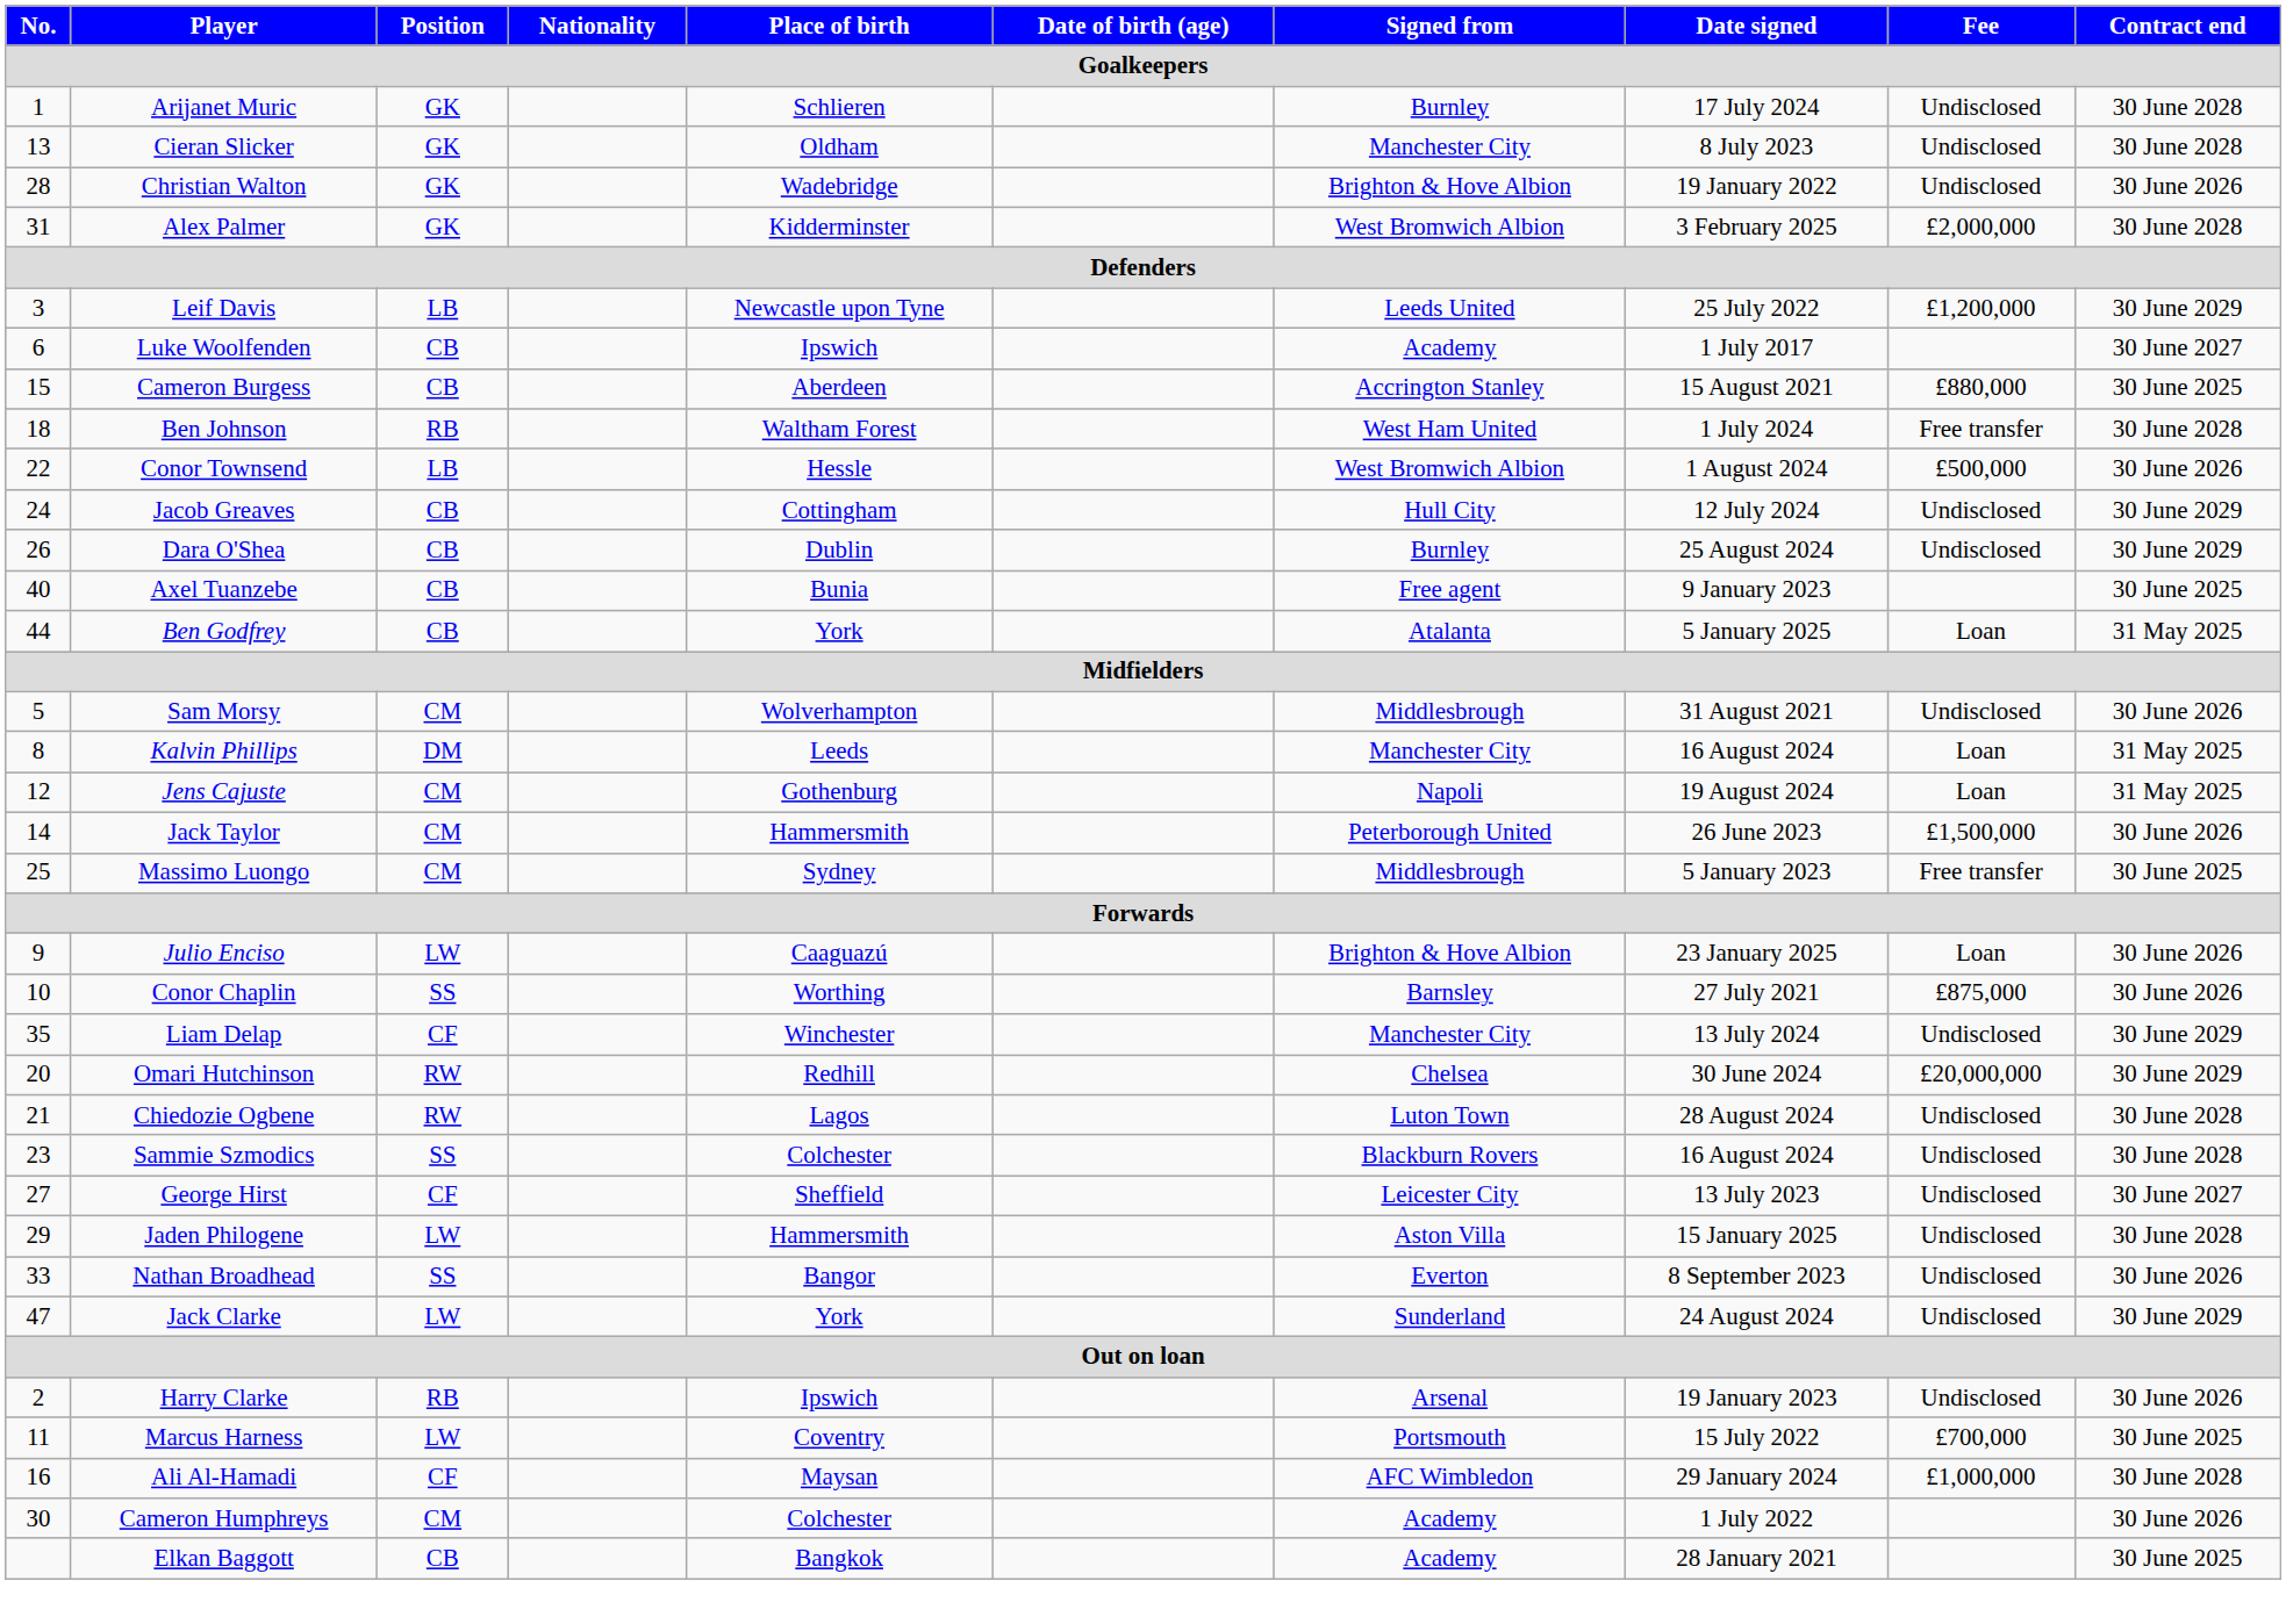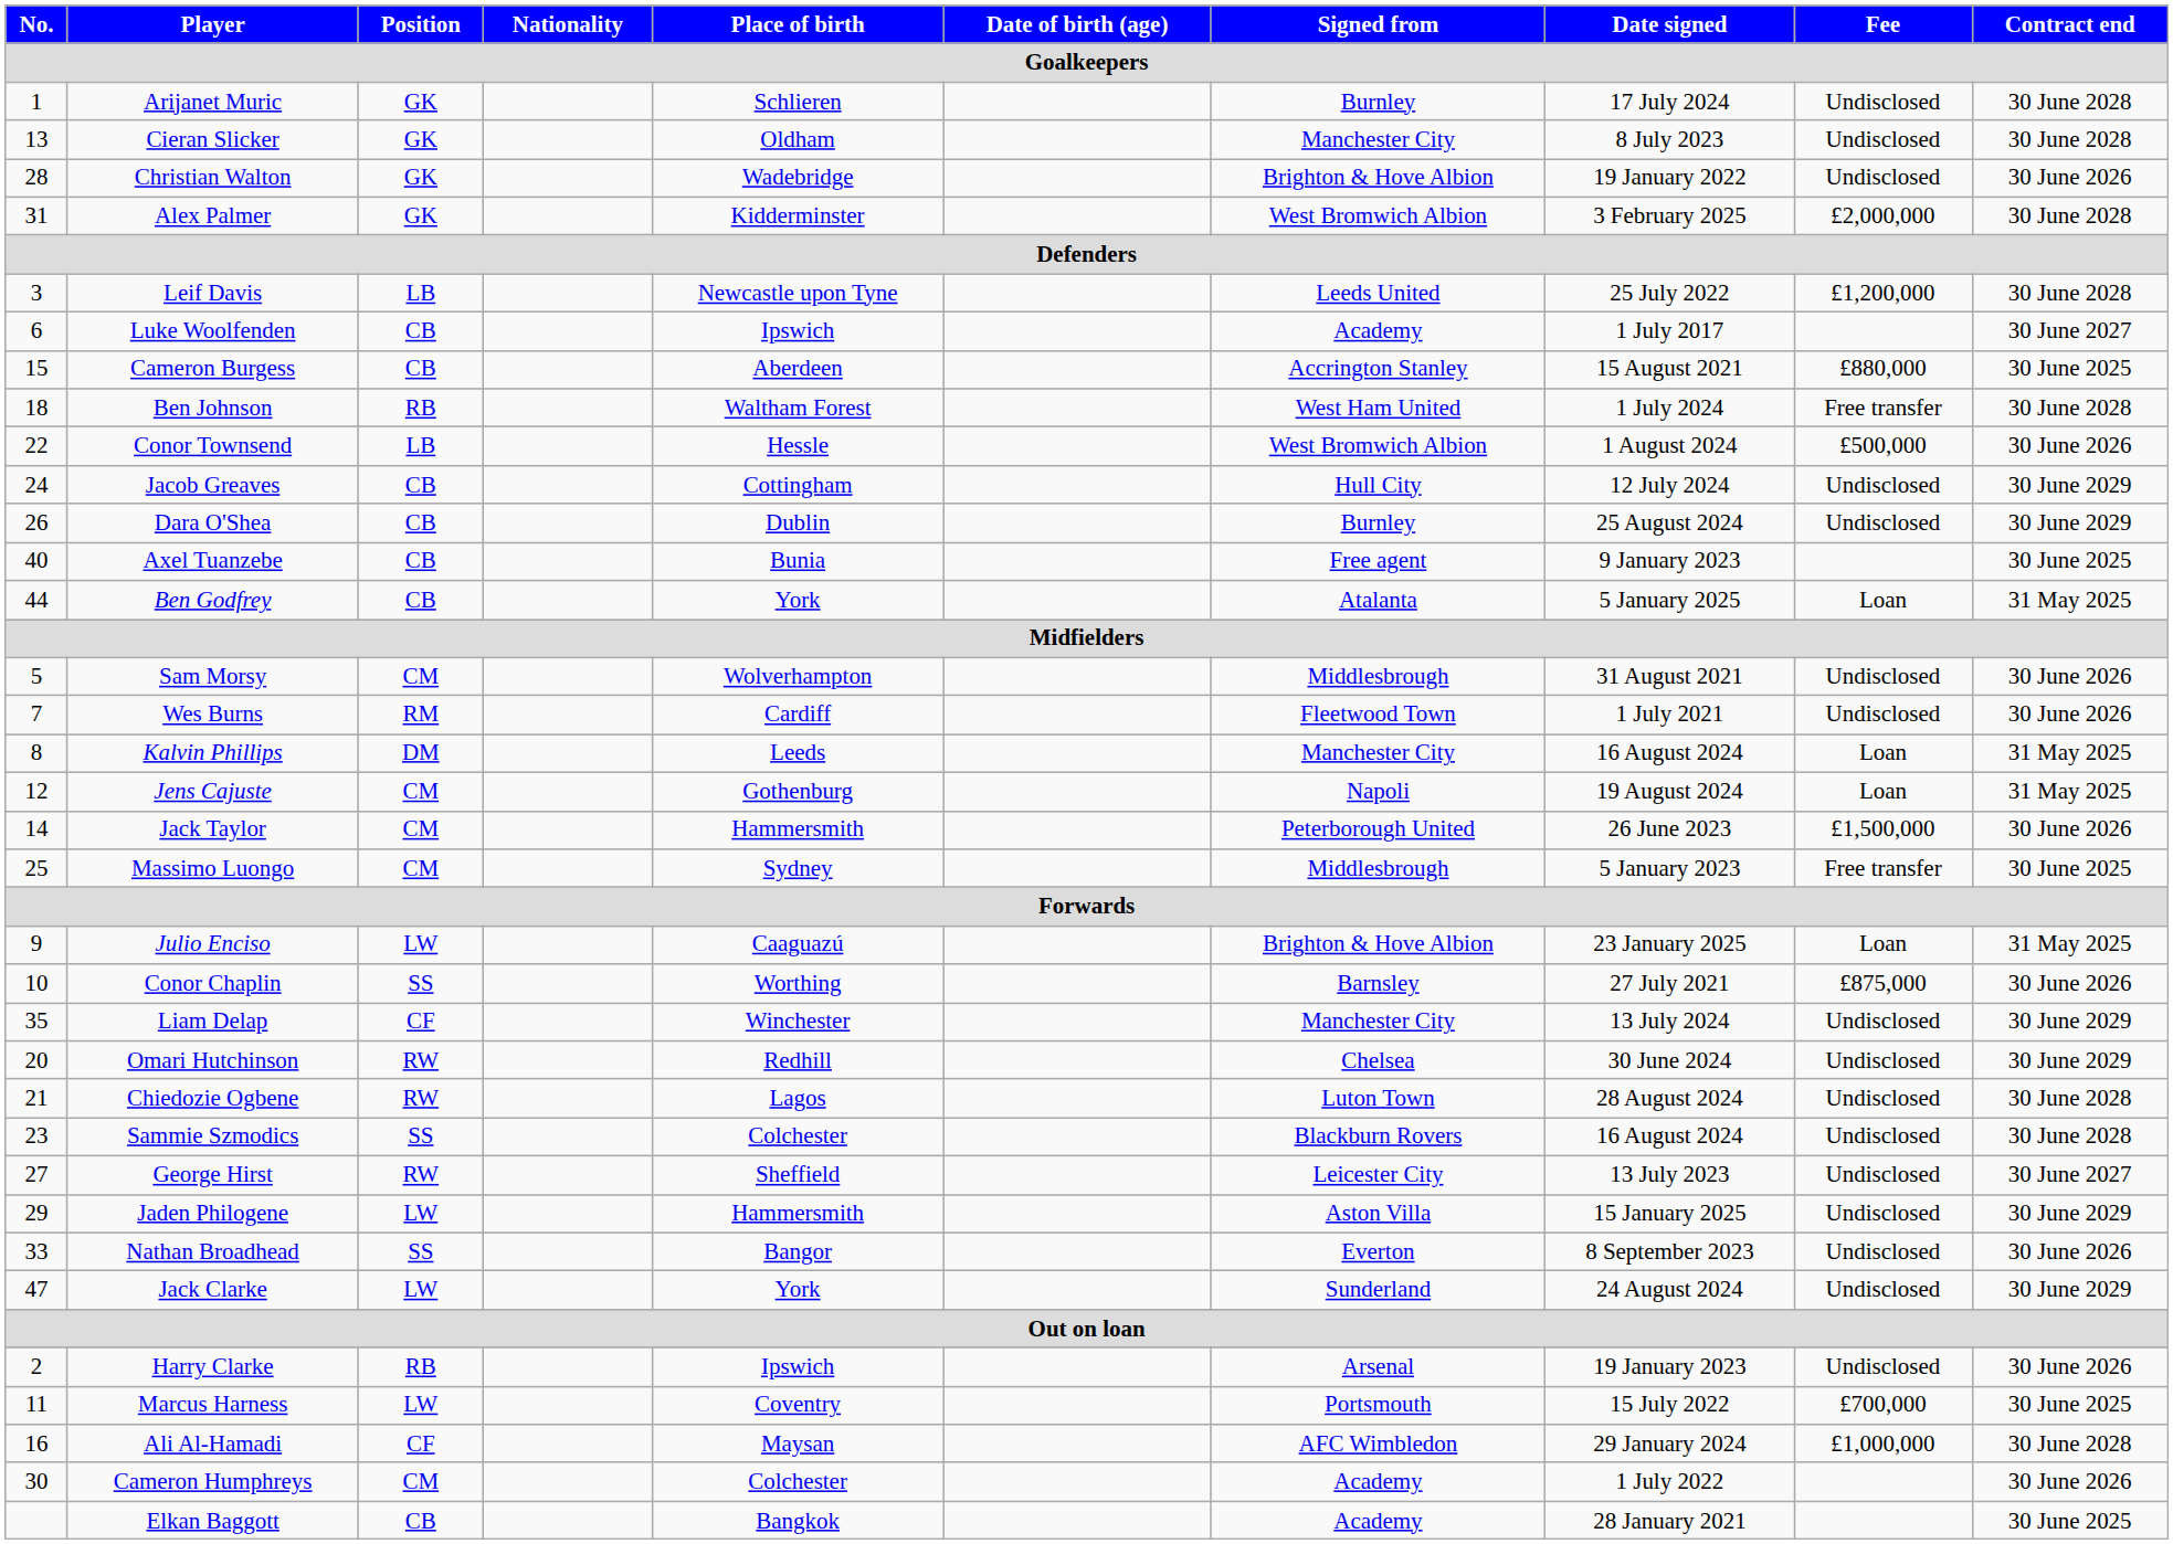 <table class="wikitable" style="text-align:center; font-size:84.5%; width:100%;">
 <tr>
 <th style="background:blue; color:white; text-align:center;">No.</th>
 <th style="background:blue; color:white; text-align:center;">Player</th>
 <th style="background:blue; color:white; text-align:center;">Position</th>
 <th style="background:blue; color:white; text-align:center;">Nationality</th>
 <th style="background:blue; color:white; text-align:center;">Place of birth</th>
 <th style="background:blue; color:white; text-align:center;">Date of birth (age)</th>
 <th style="background:blue; color:white; text-align:center;">Signed from</th>
 <th style="background:blue; color:white; text-align:center;">Date signed</th>
 <th style="background:blue; color:white; text-align:center;">Fee</th>
 <th style="background:blue; color:white; text-align:center;">Contract end</th>
 </tr>
 <tr>
 <th colspan="10" style="background:#dcdcdc; tepxt-align:center;">Goalkeepers</th>
 </tr>
 <tr>
 <td>1</td>
 <td><a href='#'>Arijanet Muric</a></td>
 <td><a href='#'>GK</a></td>
 <td></td>
 <td> <a href='#'>Schlieren</a></td>
 <td></td>
 <td><a href='#'>Burnley</a></td>
 <td>17 July 2024</td>
 <td>Undisclosed</td>
 <td>30 June 2028</td>
 </tr>
 <tr>
 <td>13</td>
 <td><a href='#'>Cieran Slicker</a></td>
 <td><a href='#'>GK</a></td>
 <td></td>
 <td> <a href='#'>Oldham</a></td>
 <td></td>
 <td><a href='#'>Manchester City</a></td>
 <td>8 July 2023</td>
 <td>Undisclosed</td>
 <td>30 June 2028</td>
 </tr>
 <tr>
 <td>28</td>
 <td><a href='#'>Christian Walton</a></td>
 <td><a href='#'>GK</a></td>
 <td></td>
 <td><a href='#'>Wadebridge</a></td>
 <td></td>
 <td><a href='#'>Brighton & Hove Albion</a></td>
 <td>19 January 2022</td>
 <td>Undisclosed</td>
 <td>30 June 2026</td>
 </tr>
 <tr>
 <td>31</td>
 <td><a href='#'>Alex Palmer</a></td>
 <td><a href='#'>GK</a></td>
 <td></td>
 <td><a href='#'>Kidderminster</a></td>
 <td></td>
 <td><a href='#'>West Bromwich Albion</a></td>
 <td>3 February 2025</td>
 <td>£2,000,000</td>
 <td>30 June 2028</td>
 </tr>
 <tr>
 <th colspan="10" style="background:#dcdcdc; tepxt-align:center;">Defenders</th>
 </tr>
 <tr>
 <td>3</td>
 <td><a href='#'>Leif Davis</a></td>
 <td><a href='#'>LB</a></td>
 <td></td>
 <td><a href='#'>Newcastle upon Tyne</a></td>
 <td></td>
 <td><a href='#'>Leeds United</a></td>
 <td>25 July 2022</td>
 <td>£1,200,000</td>
-<td>30 June 2029</td>
+<td>30 June 2028</td>
 </tr>
 <tr>
 <td>6</td>
 <td><a href='#'>Luke Woolfenden</a></td>
 <td><a href='#'>CB</a></td>
 <td></td>
 <td><a href='#'>Ipswich</a></td>
 <td></td>
 <td><a href='#'>Academy</a></td>
 <td>1 July 2017</td>
 <td></td>
 <td>30 June 2027</td>
 </tr>
 <tr>
 <td>15</td>
 <td><a href='#'>Cameron Burgess</a></td>
 <td><a href='#'>CB</a></td>
 <td></td>
 <td> <a href='#'>Aberdeen</a></td>
 <td></td>
 <td><a href='#'>Accrington Stanley</a></td>
 <td>15 August 2021</td>
 <td>£880,000</td>
 <td>30 June 2025</td>
 </tr>
 <tr>
 <td>18</td>
 <td><a href='#'>Ben Johnson</a></td>
 <td><a href='#'>RB</a></td>
 <td></td>
 <td><a href='#'>Waltham Forest</a></td>
 <td></td>
 <td><a href='#'>West Ham United</a></td>
 <td>1 July 2024</td>
 <td>Free transfer</td>
 <td>30 June 2028</td>
 </tr>
 <tr>
 <td>22</td>
 <td><a href='#'>Conor Townsend</a></td>
 <td><a href='#'>LB</a></td>
 <td></td>
 <td><a href='#'>Hessle</a></td>
 <td></td>
 <td><a href='#'>West Bromwich Albion</a></td>
 <td>1 August 2024</td>
 <td>£500,000</td>
 <td>30 June 2026</td>
 </tr>
 <tr>
 <td>24</td>
 <td><a href='#'>Jacob Greaves</a></td>
 <td><a href='#'>CB</a></td>
 <td></td>
 <td><a href='#'>Cottingham</a></td>
 <td></td>
 <td><a href='#'>Hull City</a></td>
 <td>12 July 2024</td>
 <td>Undisclosed</td>
 <td>30 June 2029</td>
 </tr>
 <tr>
 <td>26</td>
 <td><a href='#'>Dara O'Shea</a></td>
 <td><a href='#'>CB</a></td>
 <td></td>
 <td><a href='#'>Dublin</a></td>
 <td></td>
 <td><a href='#'>Burnley</a></td>
 <td>25 August 2024</td>
 <td>Undisclosed</td>
 <td>30 June 2029</td>
 </tr>
 <tr>
 <td>40</td>
 <td><a href='#'>Axel Tuanzebe</a></td>
 <td><a href='#'>CB</a></td>
 <td></td>
 <td><a href='#'>Bunia</a></td>
 <td></td>
 <td><a href='#'>Free agent</a></td>
 <td>9 January 2023</td>
 <td></td>
 <td>30 June 2025</td>
 </tr>
 <tr>
 <td>44</td>
 <td><em><a href='#'>Ben Godfrey</a></em></td>
 <td><a href='#'>CB</a></td>
 <td></td>
 <td><a href='#'>York</a></td>
 <td></td>
 <td><a href='#'>Atalanta</a></td>
 <td>5 January 2025</td>
 <td>Loan</td>
 <td>31 May 2025</td>
 </tr>
 <tr>
 <th colspan="10" style="background:#dcdcdc; tepxt-align:center;">Midfielders</th>
 </tr>
 <tr>
 <td>5</td>
 <td><a href='#'>Sam Morsy</a></td>
 <td><a href='#'>CM</a></td>
 <td></td>
 <td> <a href='#'>Wolverhampton</a></td>
 <td></td>
 <td><a href='#'>Middlesbrough</a></td>
 <td>31 August 2021</td>
 <td>Undisclosed</td>
 <td>30 June 2026</td>
 </tr>
 <tr>
+<td>7</td>
+<td><a href='#'>Wes Burns</a></td>
+<td><a href='#'>RM</a></td>
+<td></td>
+<td><a href='#'>Cardiff</a></td>
+<td></td>
+<td><a href='#'>Fleetwood Town</a></td>
+<td>1 July 2021</td>
+<td>Undisclosed</td>
+<td>30 June 2026</td>
+</tr>
+<tr>
 <td>8</td>
 <td><em><a href='#'>Kalvin Phillips</a></em></td>
 <td><a href='#'>DM</a></td>
 <td></td>
 <td><a href='#'>Leeds</a></td>
 <td></td>
 <td><a href='#'>Manchester City</a></td>
 <td>16 August 2024</td>
 <td>Loan</td>
 <td>31 May 2025</td>
 </tr>
 <tr>
 <td>12</td>
 <td><em><a href='#'>Jens Cajuste</a></em></td>
 <td><a href='#'>CM</a></td>
 <td></td>
 <td><a href='#'>Gothenburg</a></td>
 <td></td>
 <td><a href='#'>Napoli</a></td>
 <td>19 August 2024</td>
 <td>Loan</td>
 <td>31 May 2025</td>
 </tr>
 <tr>
 <td>14</td>
 <td><a href='#'>Jack Taylor</a></td>
 <td><a href='#'>CM</a></td>
 <td></td>
 <td> <a href='#'>Hammersmith</a></td>
 <td></td>
 <td><a href='#'>Peterborough United</a></td>
 <td>26 June 2023</td>
 <td>£1,500,000</td>
 <td>30 June 2026</td>
 </tr>
 <tr>
 <td>25</td>
 <td><a href='#'>Massimo Luongo</a></td>
 <td><a href='#'>CM</a></td>
 <td></td>
 <td><a href='#'>Sydney</a></td>
 <td></td>
 <td><a href='#'>Middlesbrough</a></td>
 <td>5 January 2023</td>
 <td>Free transfer</td>
 <td>30 June 2025</td>
 </tr>
 <tr>
 <th colspan="10" style="background:#dcdcdc; tepxt-align:center;">Forwards</th>
 </tr>
 <tr>
 <td>9</td>
 <td><em><a href='#'>Julio Enciso</a></em></td>
 <td><a href='#'>LW</a></td>
 <td></td>
 <td><a href='#'>Caaguazú</a></td>
 <td></td>
 <td><a href='#'>Brighton & Hove Albion</a></td>
 <td>23 January 2025</td>
 <td>Loan</td>
-<td>30 June 2026</td>
+<td>31 May 2025</td>
 </tr>
 <tr>
 <td>10</td>
 <td><a href='#'>Conor Chaplin</a></td>
 <td><a href='#'>SS</a></td>
 <td></td>
 <td><a href='#'>Worthing</a></td>
 <td></td>
 <td><a href='#'>Barnsley</a></td>
 <td>27 July 2021</td>
 <td>£875,000</td>
 <td>30 June 2026</td>
 </tr>
 <tr>
 <td>35</td>
 <td><a href='#'>Liam Delap</a></td>
 <td><a href='#'>CF</a></td>
 <td></td>
 <td><a href='#'>Winchester</a></td>
 <td></td>
 <td><a href='#'>Manchester City</a></td>
 <td>13 July 2024</td>
 <td>Undisclosed</td>
 <td>30 June 2029</td>
 </tr>
 <tr>
 <td>20</td>
 <td><a href='#'>Omari Hutchinson</a></td>
 <td><a href='#'>RW</a></td>
 <td></td>
 <td><a href='#'>Redhill</a></td>
 <td></td>
 <td><a href='#'>Chelsea</a></td>
 <td>30 June 2024</td>
-<td>£20,000,000</td>
+<td>Undisclosed</td>
 <td>30 June 2029</td>
 </tr>
 <tr>
 <td>21</td>
 <td><a href='#'>Chiedozie Ogbene</a></td>
 <td><a href='#'>RW</a></td>
 <td></td>
 <td> <a href='#'>Lagos</a></td>
 <td></td>
 <td><a href='#'>Luton Town</a></td>
 <td>28 August 2024</td>
 <td>Undisclosed</td>
 <td>30 June 2028</td>
 </tr>
 <tr>
 <td>23</td>
 <td><a href='#'>Sammie Szmodics</a></td>
 <td><a href='#'>SS</a></td>
 <td></td>
 <td> <a href='#'>Colchester</a></td>
 <td></td>
 <td><a href='#'>Blackburn Rovers</a></td>
 <td>16 August 2024</td>
 <td>Undisclosed</td>
 <td>30 June 2028</td>
 </tr>
 <tr>
 <td>27</td>
 <td><a href='#'>George Hirst</a></td>
-<td><a href='#'>CF</a></td>
+<td><a href='#'>RW</a></td>
 <td></td>
 <td> <a href='#'>Sheffield</a></td>
 <td></td>
 <td><a href='#'>Leicester City</a></td>
 <td>13 July 2023</td>
 <td>Undisclosed</td>
 <td>30 June 2027</td>
 </tr>
 <tr>
 <td>29</td>
 <td><a href='#'>Jaden Philogene</a></td>
 <td><a href='#'>LW</a></td>
 <td></td>
 <td><a href='#'>Hammersmith</a></td>
 <td></td>
 <td><a href='#'>Aston Villa</a></td>
 <td>15 January 2025</td>
 <td>Undisclosed</td>
-<td>30 June 2028</td>
+<td>30 June 2029</td>
 </tr>
 <tr>
 <td>33</td>
 <td><a href='#'>Nathan Broadhead</a></td>
 <td><a href='#'>SS</a></td>
 <td></td>
 <td><a href='#'>Bangor</a></td>
 <td></td>
 <td><a href='#'>Everton</a></td>
 <td>8 September 2023</td>
 <td>Undisclosed</td>
 <td>30 June 2026</td>
 </tr>
 <tr>
 <td>47</td>
 <td><a href='#'>Jack Clarke</a></td>
 <td><a href='#'>LW</a></td>
 <td></td>
 <td><a href='#'>York</a></td>
 <td></td>
 <td><a href='#'>Sunderland</a></td>
 <td>24 August 2024</td>
 <td>Undisclosed</td>
 <td>30 June 2029</td>
 </tr>
 <tr>
 <th colspan="10" style="background:#dcdcdc; tepxt-align:center;">Out on loan</th>
 </tr>
 <tr>
 <td>2</td>
 <td><a href='#'>Harry Clarke</a></td>
 <td><a href='#'>RB</a></td>
 <td></td>
 <td><a href='#'>Ipswich</a></td>
 <td></td>
 <td><a href='#'>Arsenal</a></td>
 <td>19 January 2023</td>
 <td>Undisclosed</td>
 <td>30 June 2026</td>
 </tr>
 <tr>
 <td>11</td>
 <td><a href='#'>Marcus Harness</a></td>
 <td><a href='#'>LW</a></td>
 <td></td>
 <td> <a href='#'>Coventry</a></td>
 <td></td>
 <td><a href='#'>Portsmouth</a></td>
 <td>15 July 2022</td>
 <td>£700,000</td>
 <td>30 June 2025</td>
 </tr>
 <tr>
 <td>16</td>
 <td><a href='#'>Ali Al-Hamadi</a></td>
 <td><a href='#'>CF</a></td>
 <td></td>
 <td><a href='#'>Maysan</a></td>
 <td></td>
 <td><a href='#'>AFC Wimbledon</a></td>
 <td>29 January 2024</td>
 <td>£1,000,000</td>
 <td>30 June 2028</td>
 </tr>
 <tr>
 <td>30</td>
 <td><a href='#'>Cameron Humphreys</a></td>
 <td><a href='#'>CM</a></td>
 <td></td>
 <td><a href='#'>Colchester</a></td>
 <td></td>
 <td><a href='#'>Academy</a></td>
 <td>1 July 2022</td>
 <td></td>
 <td>30 June 2026</td>
 </tr>
 <tr>
 <td></td>
 <td><a href='#'>Elkan Baggott</a></td>
 <td><a href='#'>CB</a></td>
 <td></td>
 <td> <a href='#'>Bangkok</a></td>
 <td></td>
 <td><a href='#'>Academy</a></td>
 <td>28 January 2021</td>
 <td></td>
 <td>30 June 2025</td>
 </tr>
 <tr>
 </tr>
 </table>
